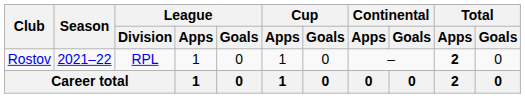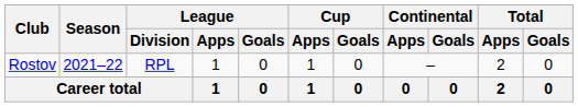 <table class="wikitable" style="text-align: center;">
 <tr>
 <th rowspan=2>Club</th>
 <th rowspan=2>Season</th>
 <th colspan=3>League</th>
 <th colspan=2>Cup</th>
 <th colspan=2>Continental</th>
 <th colspan=2>Total</th>
 </tr>
 <tr>
 <th>Division</th>
 <th>Apps</th>
 <th>Goals</th>
 <th>Apps</th>
 <th>Goals</th>
 <th>Apps</th>
 <th>Goals</th>
 <th>Apps</th>
 <th>Goals</th>
 </tr>
 <tr>
 <td><a href='#'>Rostov</a></td>
 <td><a href='#'>2021–22</a></td>
 <td><a href='#'>RPL</a></td>
 <td>1</td>
 <td>0</td>
 <td>1</td>
 <td>0</td>
 <td colspan=2>–</td>
-<td><strong>2</strong></td>
+<td>2</td>
 <td>0</td>
 </tr>
 <tr>
 <th colspan=3>Career total</th>
 <th>1</th>
 <th>0</th>
 <th>1</th>
 <th>0</th>
 <th>0</th>
 <th>0</th>
 <th>2</th>
 <th>0</th>
 </tr>
 </table>
